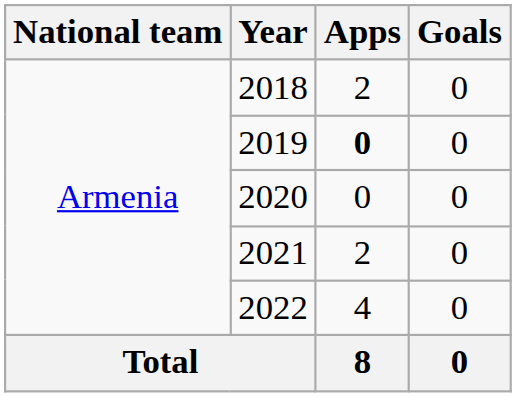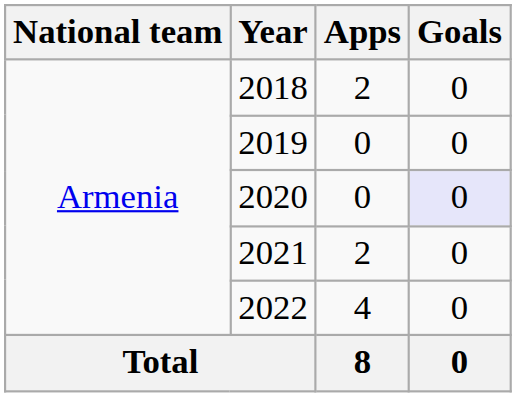 <table class="wikitable" style="text-align:center">
 <tr>
 <th>National team</th>
 <th>Year</th>
 <th>Apps</th>
 <th>Goals</th>
 </tr>
 <tr>
 <td rowspan="5"><a href='#'>Armenia</a></td>
 <td>2018</td>
 <td>2</td>
 <td>0</td>
 </tr>
 <tr>
 <td>2019</td>
-<td><strong>0</strong></td>
+<td>0</td>
 <td>0</td>
 </tr>
 <tr>
 <td>2020</td>
 <td>0</td>
-<td>0</td>
+<td style="background: lavender;">0</td>
 </tr>
 <tr>
 <td>2021</td>
 <td>2</td>
 <td>0</td>
 </tr>
 <tr>
 <td>2022</td>
 <td>4</td>
 <td>0</td>
 </tr>
 <tr>
 <th colspan="2">Total</th>
 <th>8</th>
 <th>0</th>
 </tr>
 </table>
